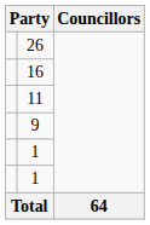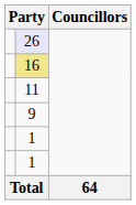 <table class="wikitable">
 <tr>
 <th colspan=2>Party</th>
 <th>Councillors</th>
 </tr>
 <tr>
 <td></td>
-<td align=center>26</td>
+<td align=center style="background: lavender;">26</td>
 </tr>
 <tr>
 <td></td>
-<td align=center>16</td>
+<td align=center style="background: khaki;">16</td>
 </tr>
 <tr>
 <td></td>
 <td align=center>11</td>
 </tr>
 <tr>
 <td></td>
 <td align=center>9</td>
 </tr>
 <tr>
 <td></td>
 <td align=center>1</td>
 </tr>
 <tr>
 <td></td>
 <td align=center>1</td>
 </tr>
 <tr>
 <th colspan=2>Total</th>
 <th align=center>64</th>
 </tr>
 </table>
